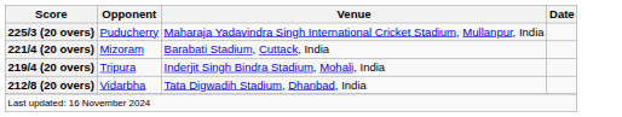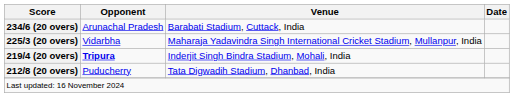 <table class="wikitable sortable" style="text-align:left;font-size:93%;">
 <tr>
 <th><strong>Score</strong></th>
 <th><strong>Opponent</strong></th>
 <th><strong>Venue</strong></th>
 <th><strong>Date</strong></th>
 </tr>
 <tr>
+<th>234/6 (20 overs)</th>
+<td><a href='#'>Arunachal Pradesh</a></td>
+<td><a href='#'>Barabati Stadium</a>, <a href='#'>Cuttack</a>, India</td>
+<td></td>
+</tr>
+<tr>
 <th>225/3 (20 overs)</th>
-<td><a href='#'>Puducherry</a></td>
+<td><a href='#'>Vidarbha</a></td>
 <td><a href='#'>Maharaja Yadavindra Singh International Cricket Stadium</a>, <a href='#'>Mullanpur</a>, India</td>
 <td></td>
 </tr>
 <tr>
-<th>221/4 (20 overs)</th>
-<td><a href='#'>Mizoram</a></td>
-<td><a href='#'>Barabati Stadium</a>, <a href='#'>Cuttack</a>, India</td>
-<td></td>
-</tr>
-<tr>
 <th>219/4 (20 overs)</th>
-<td><a href='#'>Tripura</a></td>
+<td><strong><a href='#'>Tripura</a></strong></td>
 <td><a href='#'>Inderjit Singh Bindra Stadium</a>, <a href='#'>Mohali</a>, India</td>
 <td></td>
 </tr>
 <tr>
 <th>212/8 (20 overs)</th>
-<td><a href='#'>Vidarbha</a></td>
+<td><a href='#'>Puducherry</a></td>
 <td><a href='#'>Tata Digwadih Stadium</a>, <a href='#'>Dhanbad</a>, India</td>
 <td></td>
 </tr>
 <tr>
 </tr>
 <tr class="sortbottom">
 <td colspan="4"><small>Last updated: 16 November 2024</small></td>
 </tr>
 </table>
